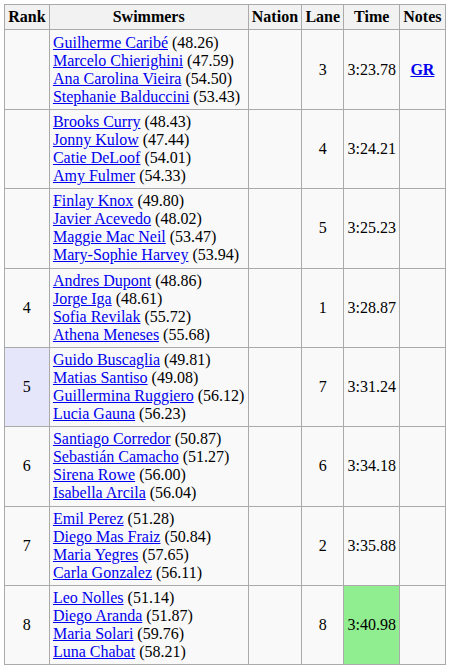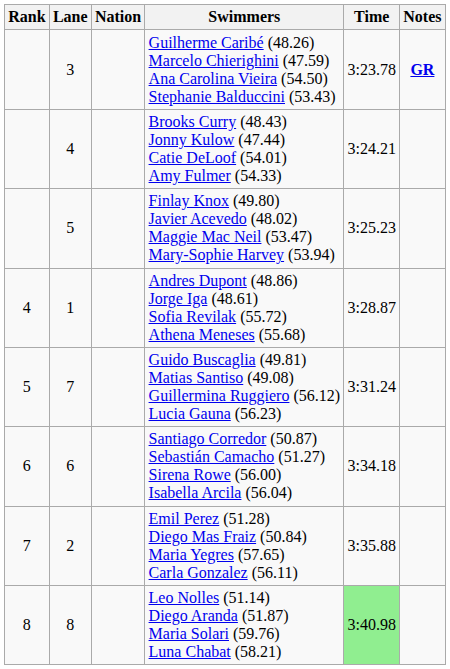 <table class="wikitable sortable" style="text-align:center">
 <tr>
 <th>Rank</th>
+<th>Lane</th>
+<th>Nation</th>
 <th>Swimmers</th>
-<th>Nation</th>
-<th>Lane</th>
 <th>Time</th>
 <th>Notes</th>
 </tr>
 <tr>
 <td></td>
+<td>3</td>
+<td align="left"></td>
 <td align="left"><a href='#'>Guilherme Caribé</a> (48.26)<br><a href='#'>Marcelo Chierighini</a> (47.59)<br><a href='#'>Ana Carolina Vieira</a> (54.50)<br><a href='#'>Stephanie Balduccini</a> (53.43)</td>
-<td align="left"></td>
-<td>3</td>
 <td>3:23.78</td>
 <td><a href='#'><strong>GR</strong></a></td>
 </tr>
 <tr>
 <td></td>
+<td>4</td>
+<td align="left"></td>
 <td align="left"><a href='#'>Brooks Curry</a> (48.43)<br><a href='#'>Jonny Kulow</a> (47.44)<br><a href='#'>Catie DeLoof</a> (54.01)<br><a href='#'>Amy Fulmer</a> (54.33)</td>
-<td align="left"></td>
-<td>4</td>
 <td>3:24.21</td>
 <td></td>
 </tr>
 <tr>
 <td></td>
+<td>5</td>
+<td align="left"></td>
 <td align="left"><a href='#'>Finlay Knox</a> (49.80)<br><a href='#'>Javier Acevedo</a> (48.02)<br><a href='#'>Maggie Mac Neil</a> (53.47)<br><a href='#'>Mary-Sophie Harvey</a> (53.94)</td>
-<td align="left"></td>
-<td>5</td>
 <td>3:25.23</td>
 <td></td>
 </tr>
 <tr>
 <td>4</td>
+<td>1</td>
+<td align="left"></td>
 <td align="left"><a href='#'>Andres Dupont</a> (48.86)<br><a href='#'>Jorge Iga</a> (48.61)<br><a href='#'>Sofia Revilak</a> (55.72)<br><a href='#'>Athena Meneses</a> (55.68)</td>
-<td align="left"></td>
-<td>1</td>
 <td>3:28.87</td>
 <td></td>
 </tr>
 <tr>
-<td style="background: lavender;">5</td>
+<td>5</td>
+<td>7</td>
+<td align="left"></td>
 <td align="left"><a href='#'>Guido Buscaglia</a> (49.81)<br><a href='#'>Matias Santiso</a> (49.08)<br><a href='#'>Guillermina Ruggiero</a> (56.12)<br><a href='#'>Lucia Gauna</a> (56.23)</td>
-<td align="left"></td>
-<td>7</td>
 <td>3:31.24</td>
 <td></td>
 </tr>
 <tr>
 <td>6</td>
+<td>6</td>
+<td align="left"></td>
 <td align="left"><a href='#'>Santiago Corredor</a> (50.87)<br><a href='#'>Sebastián Camacho</a> (51.27)<br><a href='#'>Sirena Rowe</a> (56.00)<br><a href='#'>Isabella Arcila</a> (56.04)</td>
-<td align="left"></td>
-<td>6</td>
 <td>3:34.18</td>
 <td></td>
 </tr>
 <tr>
 <td>7</td>
+<td>2</td>
+<td align="left"></td>
 <td align="left"><a href='#'>Emil Perez</a> (51.28)<br><a href='#'>Diego Mas Fraiz</a> (50.84)<br><a href='#'>Maria Yegres</a> (57.65)<br><a href='#'>Carla Gonzalez</a> (56.11)</td>
-<td align="left"></td>
-<td>2</td>
 <td>3:35.88</td>
 <td></td>
 </tr>
 <tr>
 <td>8</td>
+<td>8</td>
+<td align="left"></td>
 <td align="left"><a href='#'>Leo Nolles</a> (51.14)<br><a href='#'>Diego Aranda</a> (51.87)<br><a href='#'>Maria Solari</a> (59.76)<br><a href='#'>Luna Chabat</a> (58.21)</td>
-<td align="left"></td>
-<td>8</td>
 <td style="background: lightgreen;">3:40.98</td>
 <td></td>
 </tr>
 </table>
